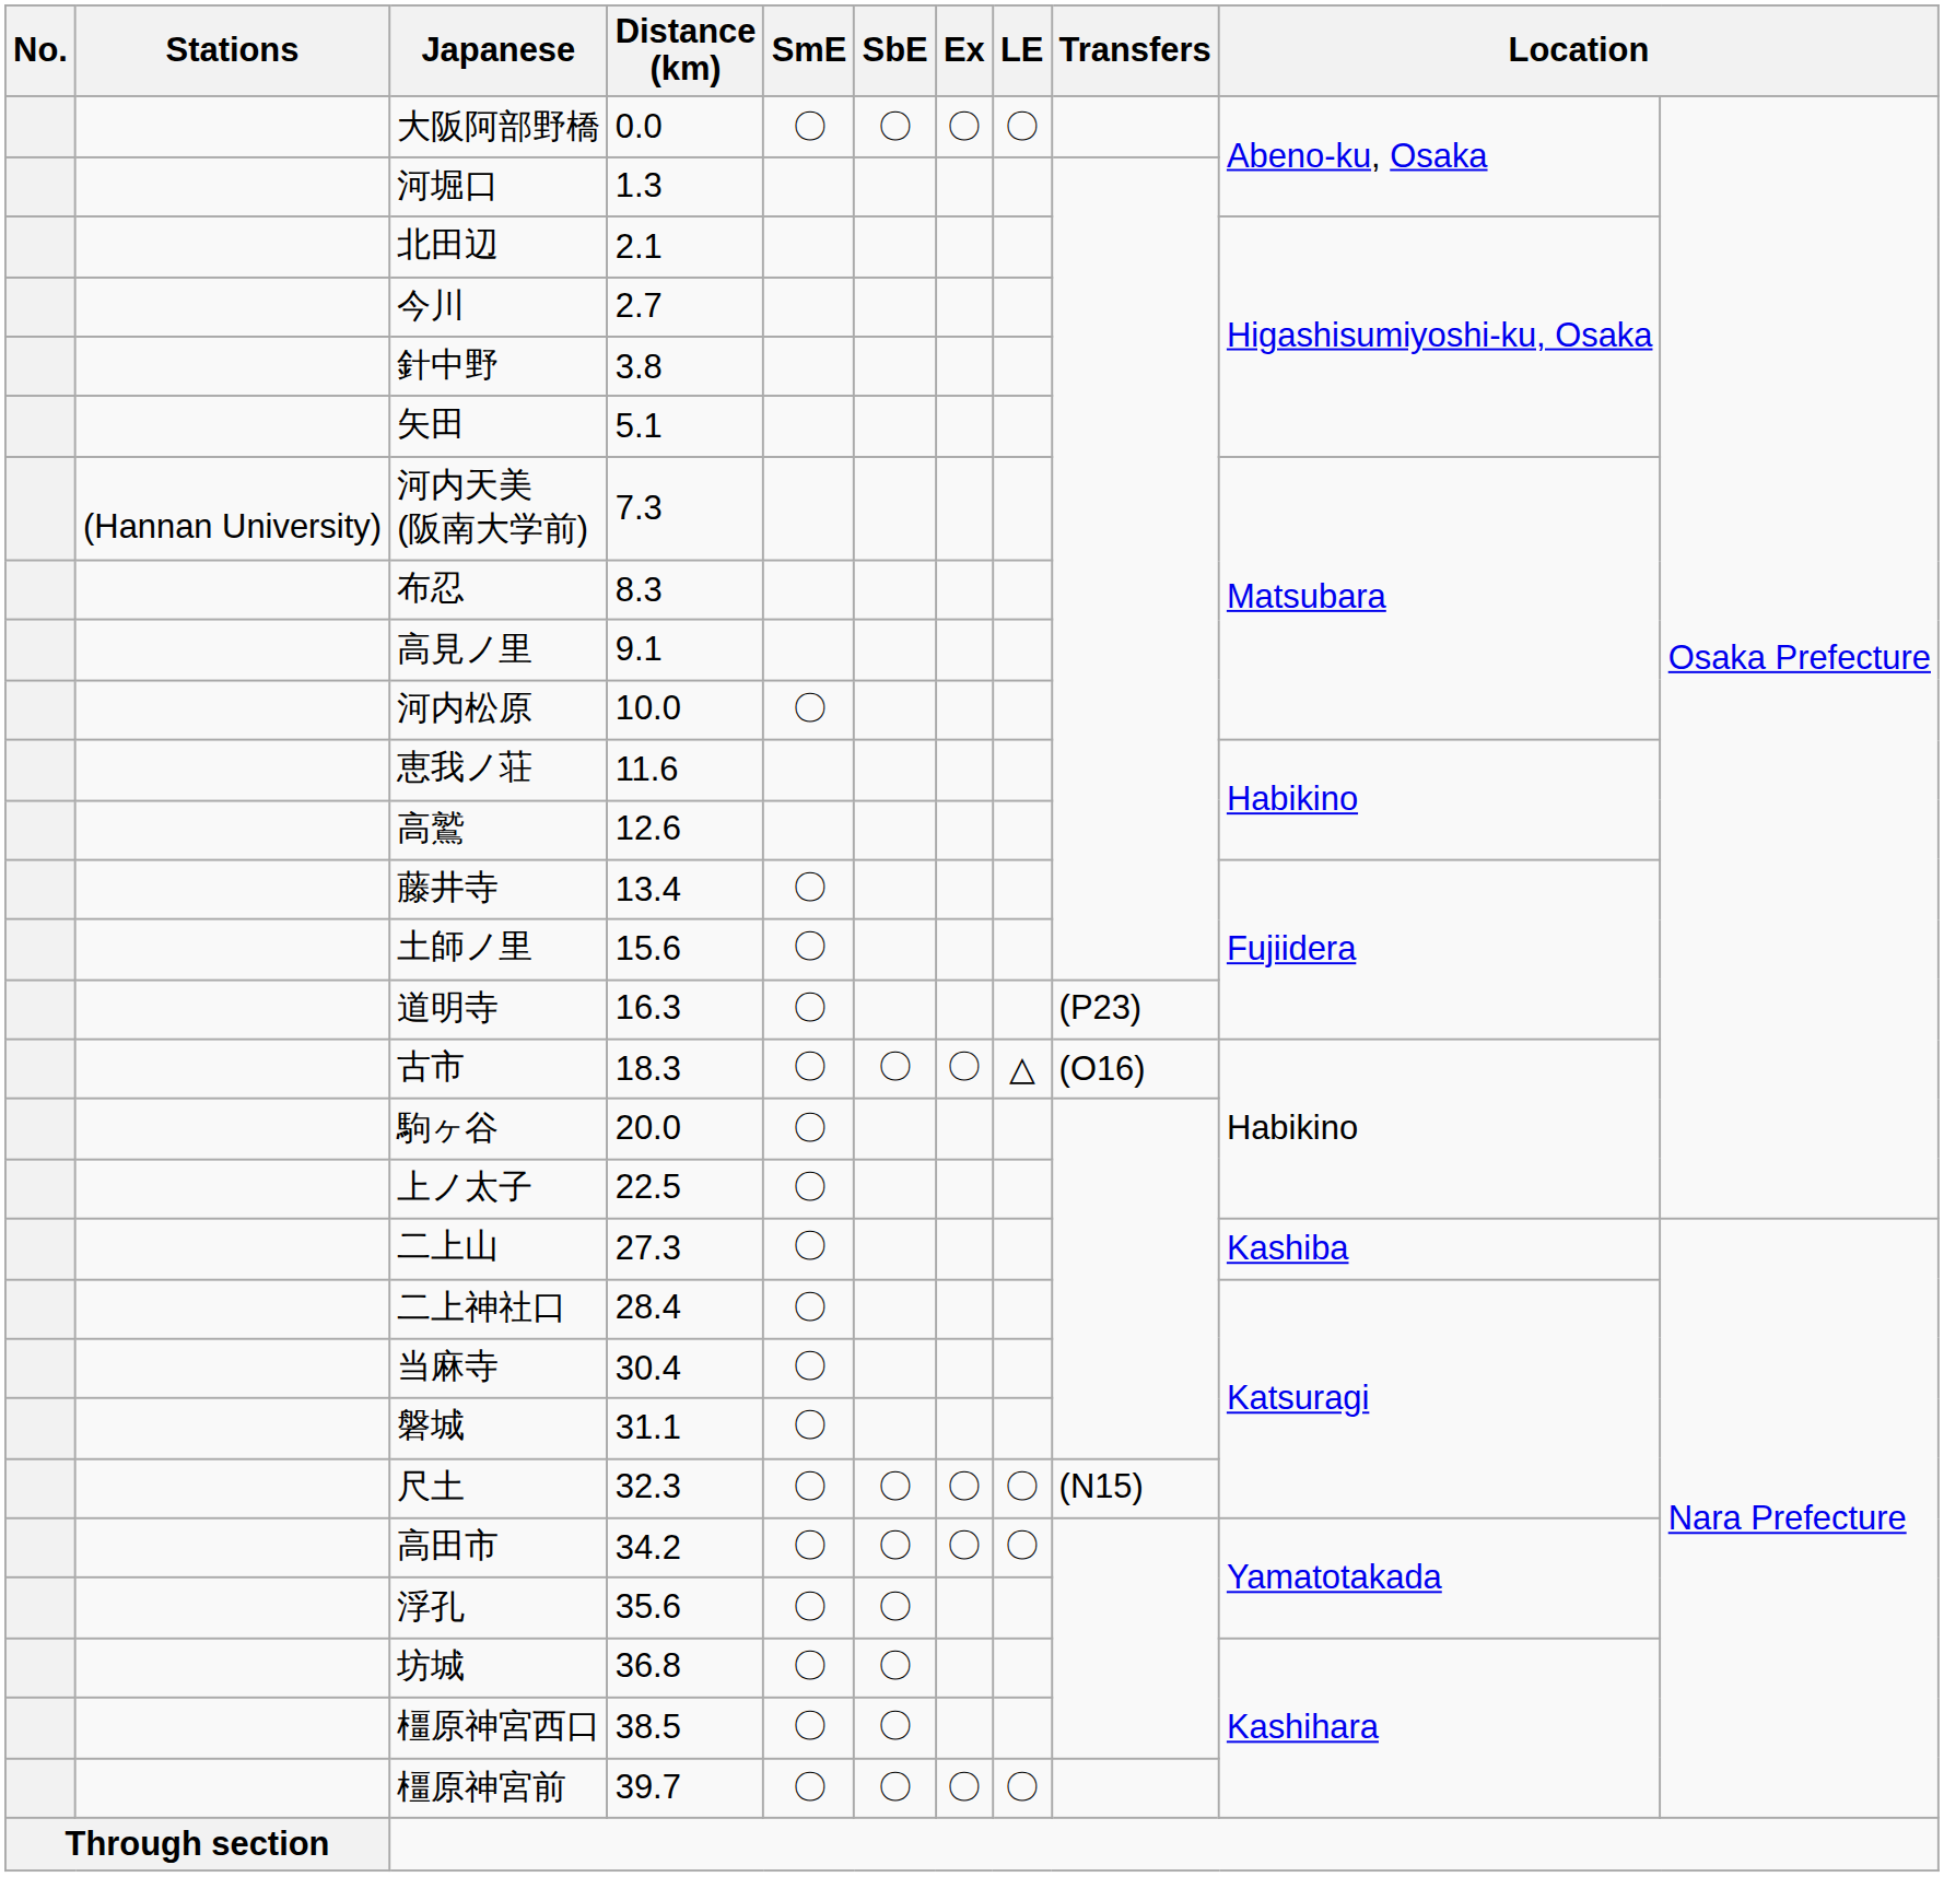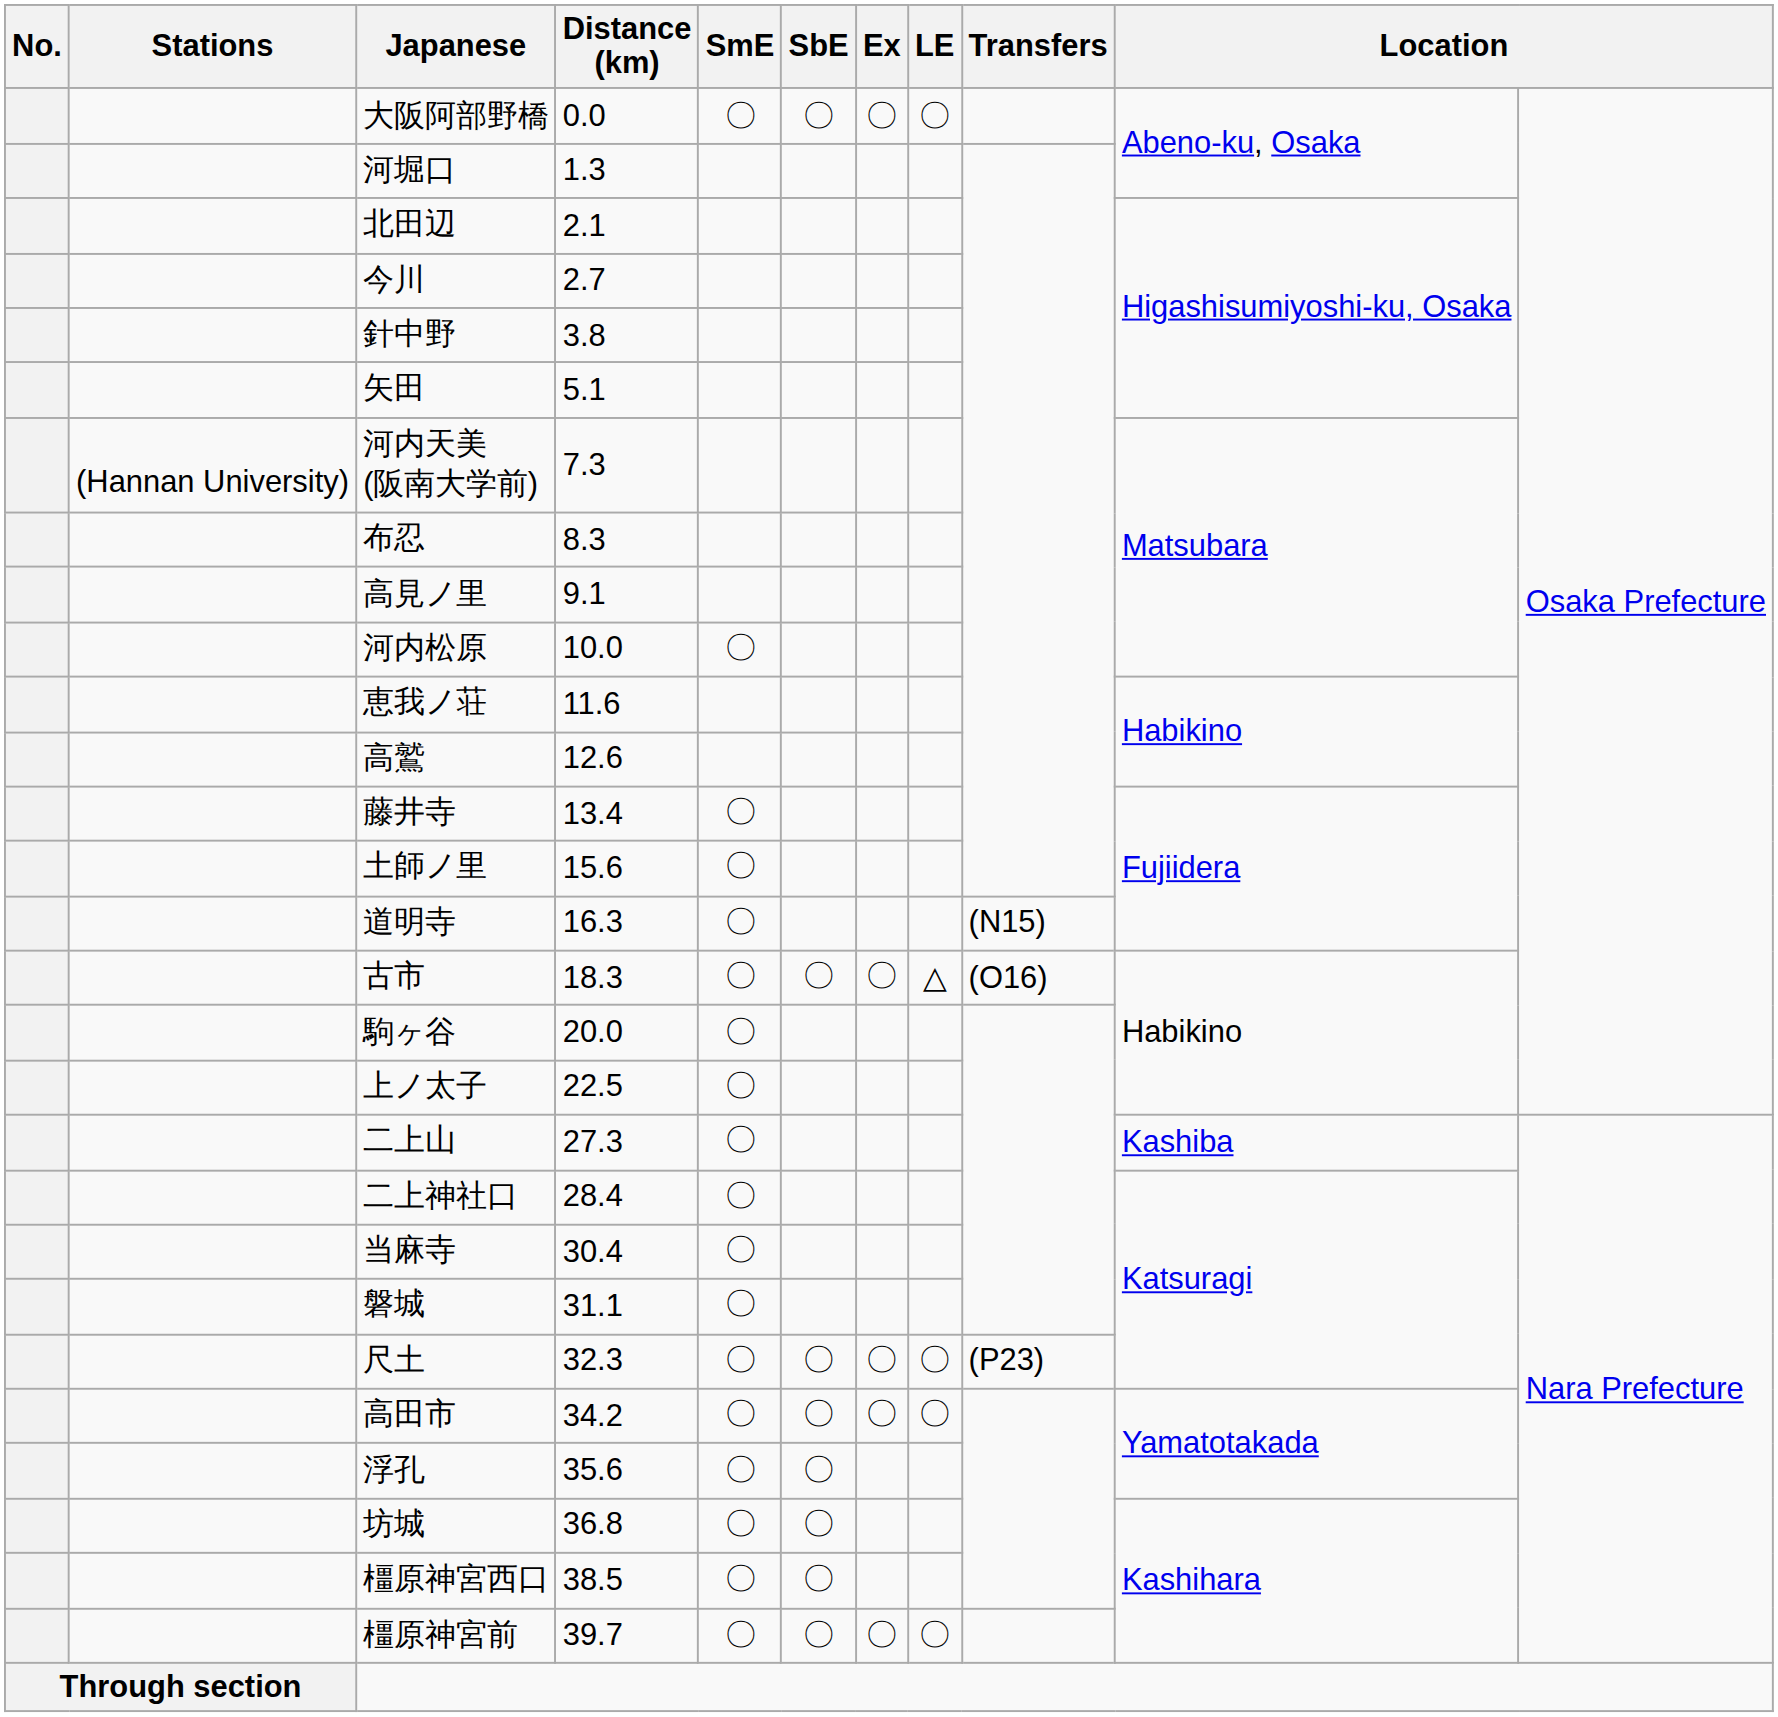 <table class=wikitable>
 <tr style="text-align: center; border-bottom:solid 2px #">
 <th>No.</th>
 <th>Stations</th>
 <th>Japanese</th>
 <th>Distance<br>(km)</th>
 <th>SmE</th>
 <th>SbE</th>
 <th>Ex</th>
 <th>LE</th>
 <th>Transfers</th>
 <th colspan="2">Location</th>
 </tr>
 <tr>
 <th></th>
 <td></td>
 <td>大阪阿部野橋</td>
 <td>0.0</td>
 <td style="text-align: center;">〇</td>
 <td style="text-align: center;">〇</td>
 <td style="text-align: center;">〇</td>
 <td style="text-align: center;">〇</td>
 <td style="text-align: left;"></td>
 <td rowspan="2"><a href='#'>Abeno-ku</a>, <a href='#'>Osaka</a></td>
 <td rowspan="18"><a href='#'>Osaka Prefecture</a></td>
 </tr>
 <tr>
 <th></th>
 <td></td>
 <td>河堀口</td>
 <td>1.3</td>
 <td style="text-align: center;"> </td>
 <td style="text-align: center;"> </td>
 <td style="text-align: center;"> </td>
 <td style="text-align: center;"> </td>
 <td rowspan="13"></td>
 </tr>
 <tr>
 <th></th>
 <td></td>
 <td>北田辺</td>
 <td>2.1</td>
 <td style="text-align: center;"> </td>
 <td style="text-align: center;"> </td>
 <td style="text-align: center;"> </td>
 <td style="text-align: center;"> </td>
 <td rowspan="4"><a href='#'>Higashisumiyoshi-ku, Osaka</a></td>
 </tr>
 <tr>
 <th></th>
 <td></td>
 <td>今川</td>
 <td>2.7</td>
 <td style="text-align: center;"> </td>
 <td style="text-align: center;"> </td>
 <td style="text-align: center;"> </td>
 <td style="text-align: center;"> </td>
 </tr>
 <tr>
 <th></th>
 <td></td>
 <td>針中野</td>
 <td>3.8</td>
 <td style="text-align: center;"> </td>
 <td style="text-align: center;"> </td>
 <td style="text-align: center;"> </td>
 <td style="text-align: center;"> </td>
 </tr>
 <tr>
 <th></th>
 <td></td>
 <td>矢田</td>
 <td>5.1</td>
 <td style="text-align: center;"> </td>
 <td style="text-align: center;"> </td>
 <td style="text-align: center;"> </td>
 <td style="text-align: center;"> </td>
 </tr>
 <tr>
 <th></th>
 <td><br><span>(Hannan University)</span></td>
 <td>河内天美<br><span>(阪南大学前)</span></td>
 <td>7.3</td>
 <td style="text-align: center;"> </td>
 <td style="text-align: center;"> </td>
 <td style="text-align: center;"> </td>
 <td style="text-align: center;"> </td>
 <td rowspan="4"><a href='#'>Matsubara</a></td>
 </tr>
 <tr>
 <th></th>
 <td></td>
 <td>布忍</td>
 <td>8.3</td>
 <td style="text-align: center;"> </td>
 <td style="text-align: center;"> </td>
 <td style="text-align: center;"> </td>
 <td style="text-align: center;"> </td>
 </tr>
 <tr>
 <th></th>
 <td></td>
 <td>高見ノ里</td>
 <td>9.1</td>
 <td style="text-align: center;"> </td>
 <td style="text-align: center;"> </td>
 <td style="text-align: center;"> </td>
 <td style="text-align: center;"> </td>
 </tr>
 <tr>
 <th></th>
 <td></td>
 <td>河内松原</td>
 <td>10.0</td>
 <td style="text-align: center;">〇</td>
 <td style="text-align: center;"> </td>
 <td style="text-align: center;"> </td>
 <td style="text-align: center;"> </td>
 </tr>
 <tr>
 <th></th>
 <td></td>
 <td>恵我ノ荘</td>
 <td>11.6</td>
 <td style="text-align: center;"> </td>
 <td style="text-align: center;"> </td>
 <td style="text-align: center;"> </td>
 <td style="text-align: center;"> </td>
 <td rowspan="2"><a href='#'>Habikino</a></td>
 </tr>
 <tr>
 <th></th>
 <td></td>
 <td>高鷲</td>
 <td>12.6</td>
 <td style="text-align: center;"> </td>
 <td style="text-align: center;"> </td>
 <td style="text-align: center;"> </td>
 <td style="text-align: center;"> </td>
 </tr>
 <tr>
 <th></th>
 <td></td>
 <td>藤井寺</td>
 <td>13.4</td>
 <td style="text-align: center;">〇</td>
 <td style="text-align: center;"> </td>
 <td style="text-align: center;"> </td>
 <td style="text-align: center;"> </td>
 <td rowspan="3"><a href='#'>Fujiidera</a></td>
 </tr>
 <tr>
 <th></th>
 <td></td>
 <td>土師ノ里</td>
 <td>15.6</td>
 <td style="text-align: center;">〇</td>
 <td style="text-align: center;"> </td>
 <td style="text-align: center;"> </td>
 <td style="text-align: center;"> </td>
 </tr>
 <tr>
 <th></th>
 <td></td>
 <td>道明寺</td>
 <td>16.3</td>
 <td style="text-align: center;">〇</td>
 <td style="text-align: center;"> </td>
 <td style="text-align: center;"> </td>
 <td style="text-align: center;"> </td>
-<td>  (P23)</td>
+<td>  (N15)</td>
 </tr>
 <tr>
 <th></th>
 <td></td>
 <td>古市</td>
 <td>18.3</td>
 <td style="text-align: center;">〇</td>
 <td style="text-align: center;">〇</td>
 <td style="text-align: center;">〇</td>
 <td style="text-align: center;">△</td>
 <td style="text-align:left;">  (O16)</td>
 <td rowspan="3">Habikino</td>
 </tr>
 <tr>
 <th></th>
 <td></td>
 <td>駒ヶ谷</td>
 <td>20.0</td>
 <td style="text-align: center;">〇</td>
 <td style="text-align: center;"> </td>
 <td style="text-align: center;"> </td>
 <td style="text-align: center;"> </td>
 <td rowspan="6"></td>
 </tr>
 <tr>
 <th></th>
 <td></td>
 <td>上ノ太子</td>
 <td>22.5</td>
 <td style="text-align: center;">〇</td>
 <td style="text-align: center;"> </td>
 <td style="text-align: center;"> </td>
 <td style="text-align: center;"> </td>
 </tr>
 <tr>
 <th></th>
 <td></td>
 <td>二上山</td>
 <td>27.3</td>
 <td style="text-align: center;">〇</td>
 <td style="text-align: center;"> </td>
 <td style="text-align: center;"> </td>
 <td style="text-align: center;"> </td>
 <td><a href='#'>Kashiba</a></td>
 <td rowspan="10"><a href='#'>Nara Prefecture</a></td>
 </tr>
 <tr>
 <th></th>
 <td></td>
 <td>二上神社口</td>
 <td>28.4</td>
 <td style="text-align: center;">〇</td>
 <td style="text-align: center;"> </td>
 <td style="text-align: center;"> </td>
 <td style="text-align: center;"> </td>
 <td rowspan="4"><a href='#'>Katsuragi</a></td>
 </tr>
 <tr>
 <th></th>
 <td></td>
 <td>当麻寺</td>
 <td>30.4</td>
 <td style="text-align: center;">〇</td>
 <td style="text-align: center;"> </td>
 <td style="text-align: center;"> </td>
 <td style="text-align: center;"> </td>
 </tr>
 <tr>
 <th></th>
 <td></td>
 <td>磐城</td>
 <td>31.1</td>
 <td style="text-align: center;">〇</td>
 <td style="text-align: center;"> </td>
 <td style="text-align: center;"> </td>
 <td style="text-align: center;"> </td>
 </tr>
 <tr>
 <th></th>
 <td></td>
 <td>尺土</td>
 <td>32.3</td>
 <td style="text-align: center;">〇</td>
 <td style="text-align: center;">〇</td>
 <td style="text-align: center;">〇</td>
 <td style="text-align: center;">〇</td>
-<td>  (N15)</td>
+<td>  (P23)</td>
 </tr>
 <tr>
 <th></th>
 <td></td>
 <td>高田市</td>
 <td>34.2</td>
 <td style="text-align: center;">〇</td>
 <td style="text-align: center;">〇</td>
 <td style="text-align: center;">〇</td>
 <td style="text-align: center;">〇</td>
 <td rowspan="4"></td>
 <td rowspan="2"><a href='#'>Yamatotakada</a></td>
 </tr>
 <tr>
 <th></th>
 <td></td>
 <td>浮孔</td>
 <td>35.6</td>
 <td style="text-align: center;">〇</td>
 <td style="text-align: center;">〇</td>
 <td style="text-align: center;"> </td>
 <td style="text-align: center;"> </td>
 </tr>
 <tr>
 <th></th>
 <td></td>
 <td>坊城</td>
 <td>36.8</td>
 <td style="text-align: center;">〇</td>
 <td style="text-align: center;">〇</td>
 <td style="text-align: center;"> </td>
 <td style="text-align: center;"> </td>
 <td rowspan="3"><a href='#'>Kashihara</a></td>
 </tr>
 <tr>
 <th></th>
 <td></td>
 <td>橿原神宮西口</td>
 <td>38.5</td>
 <td style="text-align: center;">〇</td>
 <td style="text-align: center;">〇</td>
 <td style="text-align: center;"> </td>
 <td style="text-align: center;"> </td>
 </tr>
 <tr>
 <th></th>
 <td></td>
 <td>橿原神宮前</td>
 <td>39.7</td>
 <td style="text-align: center;">〇</td>
 <td style="text-align: center;">〇</td>
 <td style="text-align: center;">〇</td>
 <td style="text-align: center;">〇</td>
 <td style="text-align:left;"></td>
 </tr>
 <tr>
 <th colspan=2>Through section</th>
 <td colspan=9><br></td>
 </tr>
 </table>
